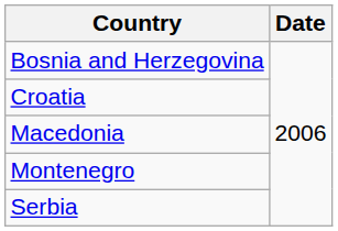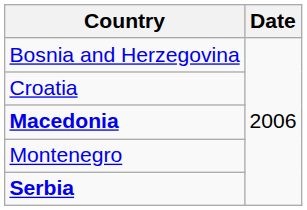 <table class="wikitable">
 <tr>
 <th>Country</th>
 <th>Date</th>
 </tr>
 <tr>
 <td><a href='#'>Bosnia and Herzegovina</a></td>
 <td rowspan="5">2006</td>
 </tr>
 <tr>
 <td><a href='#'>Croatia</a></td>
 </tr>
 <tr>
-<td><a href='#'>Macedonia</a></td>
+<td><strong><a href='#'>Macedonia</a></strong></td>
 </tr>
 <tr>
 <td><a href='#'>Montenegro</a></td>
 </tr>
 <tr>
-<td><a href='#'>Serbia</a></td>
+<td><strong><a href='#'>Serbia</a></strong></td>
 </tr>
 </table>
